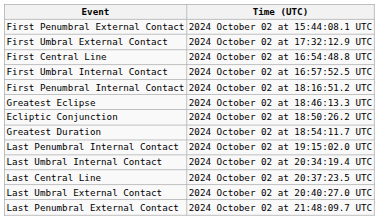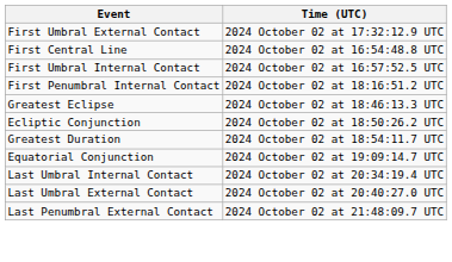 <table class="wikitable">
 <tr>
 <th>Event</th>
 <th>Time (UTC)</th>
-</tr>
-<tr>
-<td>First Penumbral External Contact</td>
-<td>2024 October 02 at 15:44:08.1 UTC</td>
 </tr>
 <tr>
 <td>First Umbral External Contact</td>
 <td>2024 October 02 at 17:32:12.9 UTC</td>
 </tr>
 <tr>
 <td>First Central Line</td>
 <td>2024 October 02 at 16:54:48.8 UTC</td>
 </tr>
 <tr>
 <td>First Umbral Internal Contact</td>
 <td>2024 October 02 at 16:57:52.5 UTC</td>
 </tr>
 <tr>
 <td>First Penumbral Internal Contact</td>
 <td>2024 October 02 at 18:16:51.2 UTC</td>
 </tr>
 <tr>
 <td>Greatest Eclipse</td>
 <td>2024 October 02 at 18:46:13.3 UTC</td>
 </tr>
 <tr>
 <td>Ecliptic Conjunction</td>
 <td>2024 October 02 at 18:50:26.2 UTC</td>
 </tr>
 <tr>
 <td>Greatest Duration</td>
 <td>2024 October 02 at 18:54:11.7 UTC</td>
 </tr>
 <tr>
-<td>Last Penumbral Internal Contact</td>
-<td>2024 October 02 at 19:15:02.0 UTC</td>
+<td>Equatorial Conjunction</td>
+<td>2024 October 02 at 19:09:14.7 UTC</td>
 </tr>
 <tr>
 <td>Last Umbral Internal Contact</td>
 <td>2024 October 02 at 20:34:19.4 UTC</td>
-</tr>
-<tr>
-<td>Last Central Line</td>
-<td>2024 October 02 at 20:37:23.5 UTC</td>
 </tr>
 <tr>
 <td>Last Umbral External Contact</td>
 <td>2024 October 02 at 20:40:27.0 UTC</td>
 </tr>
 <tr>
 <td>Last Penumbral External Contact</td>
 <td>2024 October 02 at 21:48:09.7 UTC</td>
 </tr>
 </table>
